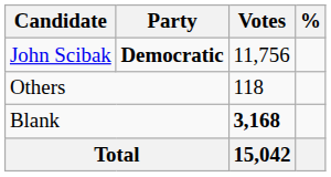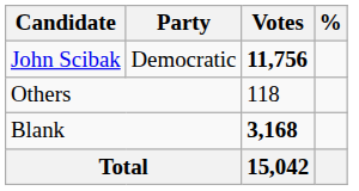 <table class="wikitable">
 <tr>
 <th>Candidate</th>
 <th>Party</th>
 <th>Votes</th>
 <th>%</th>
 </tr>
 <tr>
 <td><a href='#'>John Scibak</a></td>
-<td><strong>Democratic</strong></td>
-<td>11,756</td>
+<td>Democratic</td>
+<td><strong>11,756</strong></td>
 <td></td>
 </tr>
 <tr>
 <td colspan = 2>Others</td>
 <td>118</td>
 <td></td>
 </tr>
 <tr>
 <td colspan = 2>Blank</td>
 <td><strong>3,168</strong></td>
 <td></td>
 </tr>
 <tr>
 <th colspan = 2>Total</th>
 <th>15,042</th>
 <th></th>
 </tr>
 </table>
